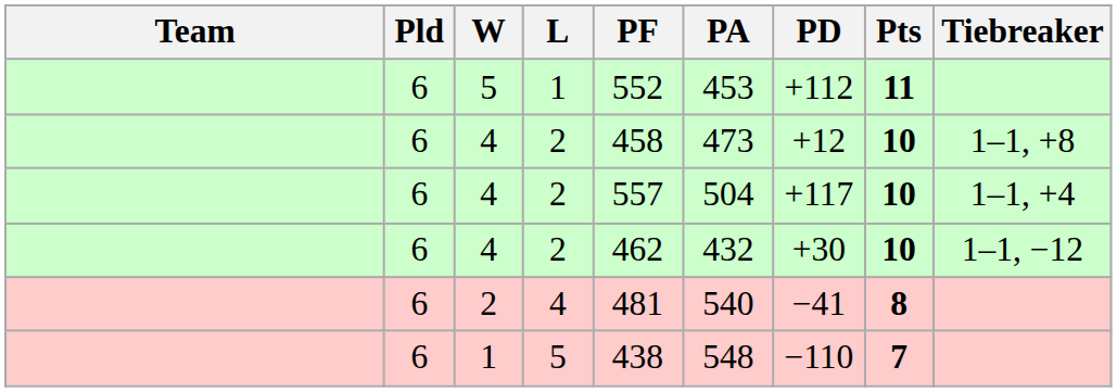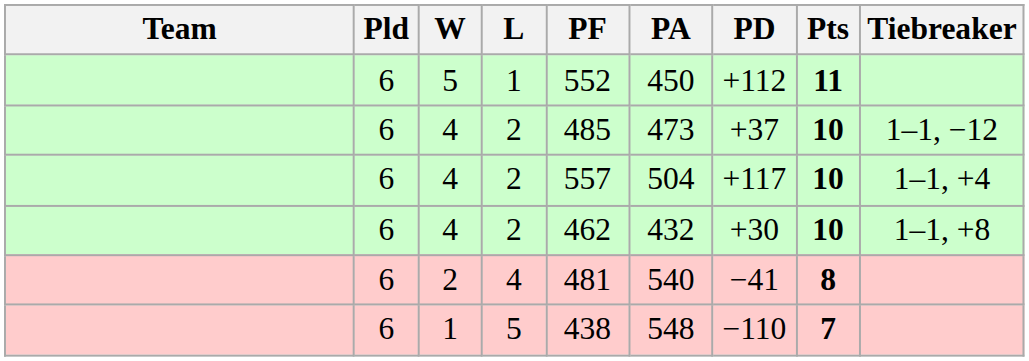 <table class="wikitable" style="text-align:center;">
 <tr>
 <th width=170>Team</th>
 <th width=25>Pld</th>
 <th width=25>W</th>
 <th width=25>L</th>
 <th width=35>PF</th>
 <th width=35>PA</th>
 <th width=35>PD</th>
 <th width=25>Pts</th>
 <th width=50>Tiebreaker</th>
 </tr>
 <tr bgcolor=ccffcc>
 <td align="left"></td>
 <td>6</td>
 <td>5</td>
 <td>1</td>
 <td>552</td>
-<td>453</td>
+<td>450</td>
 <td>+112</td>
 <td><strong>11</strong></td>
 <td></td>
 </tr>
 <tr bgcolor=ccffcc>
 <td align="left"></td>
 <td>6</td>
 <td>4</td>
 <td>2</td>
-<td>458</td>
+<td>485</td>
 <td>473</td>
-<td>+12</td>
+<td>+37</td>
 <td><strong>10</strong></td>
-<td>1–1, +8</td>
+<td>1–1, −12</td>
 </tr>
 <tr bgcolor=ccffcc>
 <td align="left"></td>
 <td>6</td>
 <td>4</td>
 <td>2</td>
 <td>557</td>
 <td>504</td>
 <td>+117</td>
 <td><strong>10</strong></td>
 <td>1–1, +4</td>
 </tr>
 <tr bgcolor=ccffcc>
 <td align="left"></td>
 <td>6</td>
 <td>4</td>
 <td>2</td>
 <td>462</td>
 <td>432</td>
 <td>+30</td>
 <td><strong>10</strong></td>
-<td>1–1, −12</td>
+<td>1–1, +8</td>
 </tr>
 <tr bgcolor=ffcccc>
 <td align="left"></td>
 <td>6</td>
 <td>2</td>
 <td>4</td>
 <td>481</td>
 <td>540</td>
 <td>−41</td>
 <td><strong>8</strong></td>
 <td></td>
 </tr>
 <tr bgcolor=ffcccc>
 <td align="left"></td>
 <td>6</td>
 <td>1</td>
 <td>5</td>
 <td>438</td>
 <td>548</td>
 <td>−110</td>
 <td><strong>7</strong></td>
 <td></td>
 </tr>
 </table>
